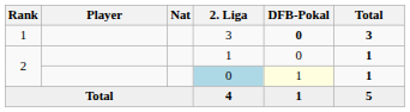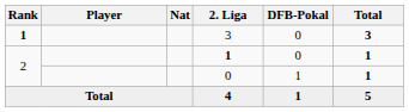 <table class="wikitable sortable nowrap" style="text-align:center;">
 <tr>
 <th>Rank</th>
 <th width=150>Player</th>
 <th>Nat</th>
 <th width=80>2. Liga</th>
 <th width=80>DFB-Pokal</th>
 <th width=80>Total</th>
 </tr>
 <tr>
-<td>1</td>
+<td><strong>1</strong></td>
 <td align="left"></td>
 <td></td>
 <td>3</td>
-<td><strong>0</strong></td>
+<td>0</td>
 <td><strong>3</strong></td>
 </tr>
 <tr>
 <td rowspan="2">2</td>
 <td align="left"></td>
 <td></td>
-<td>1</td>
+<td><strong>1</strong></td>
 <td>0</td>
 <td><strong>1</strong></td>
 </tr>
 <tr>
 <td align="left"></td>
 <td></td>
-<td style="background: lightblue;">0</td>
-<td style="background: lightyellow;">1</td>
+<td>0</td>
+<td>1</td>
 <td><strong>1</strong></td>
 </tr>
 <tr style=font-weight:bold;background:#efefef>
 <td colspan="3">Total</td>
 <td>4</td>
 <td>1</td>
 <td>5</td>
 </tr>
 </table>
